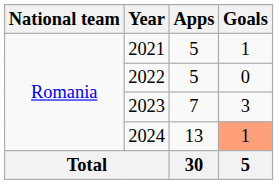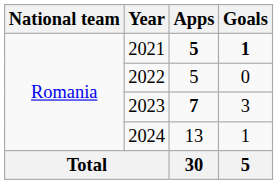 <table class="wikitable" style="text-align:center">
 <tr>
 <th>National team</th>
 <th>Year</th>
 <th>Apps</th>
 <th>Goals</th>
 </tr>
 <tr>
 <td rowspan="4"><a href='#'>Romania</a></td>
 <td>2021</td>
-<td>5</td>
-<td>1</td>
+<td><strong>5</strong></td>
+<td><strong>1</strong></td>
 </tr>
 <tr>
 <td>2022</td>
 <td>5</td>
 <td>0</td>
 </tr>
 <tr>
 <td>2023</td>
-<td>7</td>
+<td><strong>7</strong></td>
 <td>3</td>
 </tr>
 <tr>
 <td>2024</td>
 <td>13</td>
-<td style="background: lightsalmon;">1</td>
+<td>1</td>
 </tr>
 <tr>
 <th colspan="2">Total</th>
 <th>30</th>
 <th>5</th>
 </tr>
 </table>
